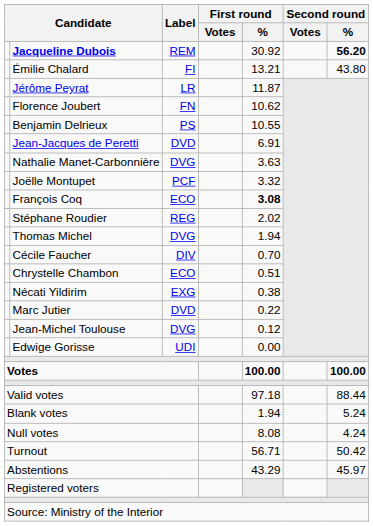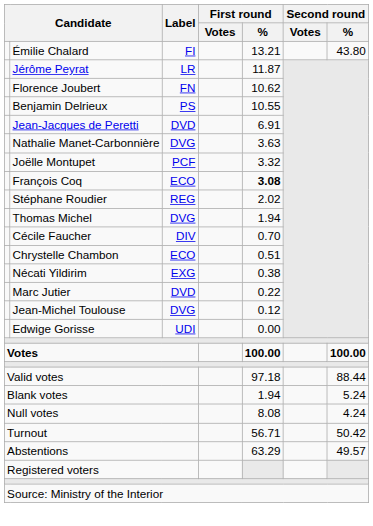 <table class="wikitable" style="text-align:right;font-size:95%;">
 <tr>
 <th rowspan="2" colspan="2">Candidate</th>
 <th rowspan="2">Label</th>
 <th colspan="2">First round</th>
 <th colspan="2">Second round</th>
 </tr>
 <tr>
 <th style="width:50px;">Votes</th>
 <th style="width:45px;">%</th>
 <th style="width:50px;">Votes</th>
 <th style="width:45px;">%</th>
-</tr>
-<tr>
-<td style="color:inherit;background:"></td>
-<td style="text-align:left;"><strong><a href='#'>Jacqueline Dubois</a></strong></td>
-<td><a href='#'>REM</a></td>
-<td></td>
-<td>30.92</td>
-<td><strong></strong></td>
-<td><strong>56.20</strong></td>
 </tr>
 <tr>
 <td style="color:inherit;background:"></td>
 <td style="text-align:left;">Émilie Chalard</td>
 <td><a href='#'>FI</a></td>
 <td></td>
 <td>13.21</td>
 <td></td>
 <td>43.80</td>
 </tr>
 <tr>
 <td style="color:inherit;background:"></td>
 <td style="text-align:left;"><a href='#'>Jérôme Peyrat</a></td>
 <td><a href='#'>LR</a></td>
 <td></td>
 <td>11.87</td>
 <td colspan="2" rowspan="15" style="background:#E9E9E9;"></td>
 </tr>
 <tr>
 <td style="color:inherit;background:"></td>
 <td style="text-align:left;">Florence Joubert</td>
 <td><a href='#'>FN</a></td>
 <td></td>
 <td>10.62</td>
 </tr>
 <tr>
 <td style="color:inherit;background:"></td>
 <td style="text-align:left;">Benjamin Delrieux</td>
 <td><a href='#'>PS</a></td>
 <td></td>
 <td>10.55</td>
 </tr>
 <tr>
 <td style="color:inherit;background:"></td>
 <td style="text-align:left;"><a href='#'>Jean-Jacques de Peretti</a></td>
 <td><a href='#'>DVD</a></td>
 <td></td>
 <td>6.91</td>
 </tr>
 <tr>
 <td style="color:inherit;background:"></td>
 <td style="text-align:left;">Nathalie Manet-Carbonnière</td>
 <td><a href='#'>DVG</a></td>
 <td></td>
 <td>3.63</td>
 </tr>
 <tr>
 <td style="color:inherit;background:"></td>
 <td style="text-align:left;">Joëlle Montupet</td>
 <td><a href='#'>PCF</a></td>
 <td></td>
 <td>3.32</td>
 </tr>
 <tr>
 <td style="color:inherit;background:"></td>
 <td style="text-align:left;">François Coq</td>
 <td><a href='#'>ECO</a></td>
 <td></td>
 <td><strong>3.08</strong></td>
 </tr>
 <tr>
 <td style="color:inherit;background:"></td>
 <td style="text-align:left;">Stéphane Roudier</td>
 <td><a href='#'>REG</a></td>
 <td></td>
 <td>2.02</td>
 </tr>
 <tr>
 <td style="color:inherit;background:"></td>
 <td style="text-align:left;">Thomas Michel</td>
 <td><a href='#'>DVG</a></td>
 <td></td>
 <td>1.94</td>
 </tr>
 <tr>
 <td style="color:inherit;background:"></td>
 <td style="text-align:left;">Cécile Faucher</td>
 <td><a href='#'>DIV</a></td>
 <td></td>
 <td>0.70</td>
 </tr>
 <tr>
 <td style="color:inherit;background:"></td>
 <td style="text-align:left;">Chrystelle Chambon</td>
 <td><a href='#'>ECO</a></td>
 <td></td>
 <td>0.51</td>
 </tr>
 <tr>
 <td style="color:inherit;background:"></td>
 <td style="text-align:left;">Nécati Yildirim</td>
 <td><a href='#'>EXG</a></td>
 <td></td>
 <td>0.38</td>
 </tr>
 <tr>
 <td style="color:inherit;background:"></td>
 <td style="text-align:left;">Marc Jutier</td>
 <td><a href='#'>DVD</a></td>
 <td></td>
 <td>0.22</td>
 </tr>
 <tr>
 <td style="color:inherit;background:"></td>
 <td style="text-align:left;">Jean-Michel Toulouse</td>
 <td><a href='#'>DVG</a></td>
 <td></td>
 <td>0.12</td>
 </tr>
 <tr>
 <td style="color:inherit;background:"></td>
 <td style="text-align:left;">Edwige Gorisse</td>
 <td><a href='#'>UDI</a></td>
 <td></td>
 <td>0.00</td>
 </tr>
 <tr>
 <td colspan="7" style="background:#E9E9E9;"></td>
 </tr>
 <tr style="font-weight:bold;">
 <td colspan="3" style="text-align:left;">Votes</td>
 <td></td>
 <td>100.00</td>
 <td></td>
 <td>100.00</td>
 </tr>
 <tr>
 <td colspan="7" style="background:#E9E9E9;"></td>
 </tr>
 <tr>
 <td colspan="3" style="text-align:left;">Valid votes</td>
 <td></td>
 <td>97.18</td>
 <td></td>
 <td>88.44</td>
 </tr>
 <tr>
 <td colspan="3" style="text-align:left;">Blank votes</td>
 <td></td>
 <td>1.94</td>
 <td></td>
 <td>5.24</td>
 </tr>
 <tr>
 <td colspan="3" style="text-align:left;">Null votes</td>
 <td></td>
 <td>8.08</td>
 <td></td>
 <td>4.24</td>
 </tr>
 <tr>
 <td colspan="3" style="text-align:left;">Turnout</td>
 <td></td>
 <td>56.71</td>
 <td></td>
 <td>50.42</td>
 </tr>
 <tr>
 <td colspan="3" style="text-align:left;">Abstentions</td>
 <td></td>
-<td>43.29</td>
+<td>63.29</td>
 <td></td>
-<td>45.97</td>
+<td>49.57</td>
 </tr>
 <tr>
 <td colspan="3" style="text-align:left;">Registered voters</td>
 <td></td>
 <td style="color:inherit;background:#E9E9E9;"></td>
 <td></td>
 <td style="color:inherit;background:#E9E9E9;"></td>
 </tr>
 <tr>
 <td colspan="7" style="background:#E9E9E9;"></td>
 </tr>
 <tr>
 <td colspan="7" style="text-align:left;">Source: Ministry of the Interior</td>
 </tr>
 </table>
